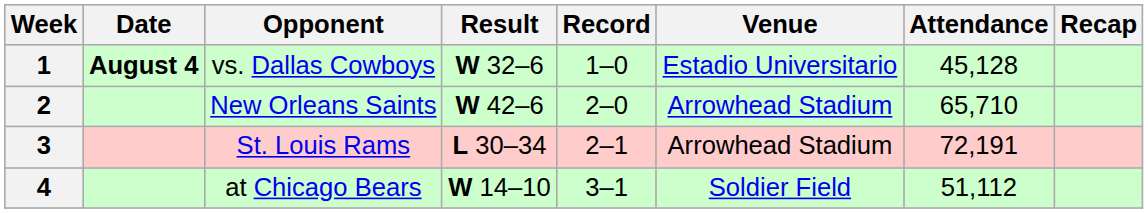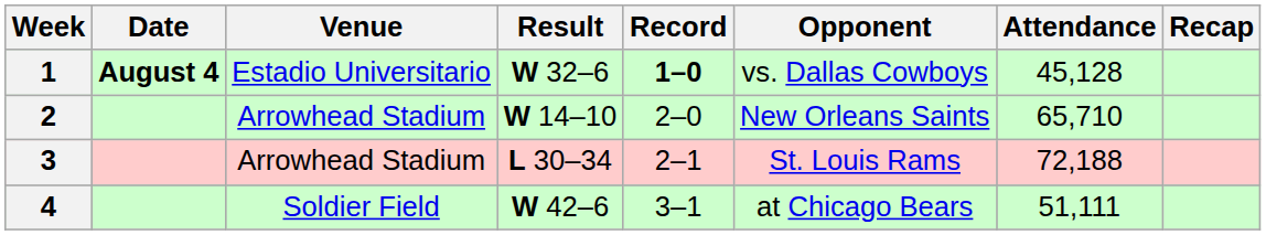 <table class="wikitable" style="text-align:center">
 <tr>
 <th>Week</th>
 <th>Date</th>
-<th>Opponent</th>
+<th>Venue</th>
 <th>Result</th>
 <th>Record</th>
-<th>Venue</th>
+<th>Opponent</th>
 <th>Attendance</th>
 <th>Recap</th>
 </tr>
 <tr style="background:#cfc">
 <th>1</th>
 <td><strong>August 4</strong></td>
+<td> <a href='#'>Estadio Universitario</a> </td>
+<td><strong>W</strong> 32–6</td>
+<td><strong>1–0</strong></td>
 <td>vs. <a href='#'>Dallas Cowboys</a></td>
-<td><strong>W</strong> 32–6</td>
-<td>1–0</td>
-<td> <a href='#'>Estadio Universitario</a> </td>
 <td>45,128</td>
 <td></td>
 </tr>
 <tr style="background:#cfc">
 <th>2</th>
 <td></td>
+<td><a href='#'>Arrowhead Stadium</a></td>
+<td><strong>W</strong> 14–10</td>
+<td>2–0</td>
 <td><a href='#'>New Orleans Saints</a></td>
-<td><strong>W</strong> 42–6</td>
-<td>2–0</td>
-<td><a href='#'>Arrowhead Stadium</a></td>
 <td>65,710</td>
 <td></td>
 </tr>
 <tr style="background:#fcc">
 <th>3</th>
 <td></td>
-<td><a href='#'>St. Louis Rams</a></td>
+<td>Arrowhead Stadium</td>
 <td><strong>L</strong> 30–34</td>
 <td>2–1</td>
-<td>Arrowhead Stadium</td>
-<td>72,191</td>
+<td><a href='#'>St. Louis Rams</a></td>
+<td>72,188</td>
 <td></td>
 </tr>
 <tr style="background:#cfc">
 <th>4</th>
 <td></td>
+<td><a href='#'>Soldier Field</a></td>
+<td><strong>W</strong> 42–6</td>
+<td>3–1</td>
 <td>at <a href='#'>Chicago Bears</a></td>
-<td><strong>W</strong> 14–10</td>
-<td>3–1</td>
-<td><a href='#'>Soldier Field</a></td>
-<td>51,112</td>
+<td>51,111</td>
 <td></td>
 </tr>
 </table>
